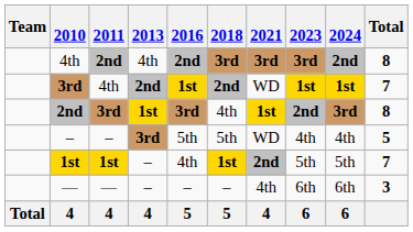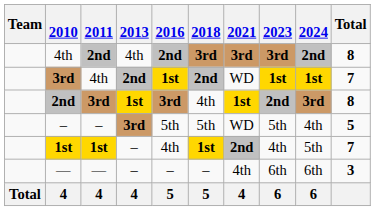 <table class=wikitable style="text-align:center">
 <tr>
 <th>Team</th>
 <th><br><a href='#'>2010</a></th>
 <th><br><a href='#'>2011</a></th>
 <th><br><a href='#'>2013</a></th>
 <th><br><a href='#'>2016</a></th>
 <th><br><a href='#'>2018</a></th>
 <th><br><a href='#'>2021</a></th>
 <th><br><a href='#'>2023</a></th>
 <th><br><a href='#'>2024</a></th>
 <th>Total</th>
 </tr>
 <tr>
 <td align=left></td>
 <td>4th</td>
 <td bgcolor=silver><strong>2nd</strong></td>
 <td>4th</td>
 <td bgcolor=silver><strong>2nd</strong></td>
 <td bgcolor=cc9966><strong>3rd</strong></td>
 <td bgcolor=cc9966><strong>3rd</strong></td>
 <td bgcolor=cc9966><strong>3rd</strong></td>
 <td bgcolor=silver><strong>2nd</strong></td>
 <td><strong>8</strong></td>
 </tr>
 <tr>
 <td align=left></td>
 <td bgcolor=cc9966><strong>3rd</strong></td>
 <td>4th</td>
 <td bgcolor=silver><strong>2nd</strong></td>
 <td bgcolor=gold><strong>1st</strong></td>
 <td bgcolor=silver><strong>2nd</strong></td>
 <td>WD</td>
 <td bgcolor=gold><strong>1st</strong></td>
 <td bgcolor=gold><strong>1st</strong></td>
 <td><strong>7</strong></td>
 </tr>
 <tr>
 <td align=left></td>
 <td bgcolor=silver><strong>2nd</strong></td>
 <td bgcolor=cc9966><strong>3rd</strong></td>
 <td bgcolor=gold><strong>1st</strong></td>
 <td bgcolor=cc9966><strong>3rd</strong></td>
 <td>4th</td>
 <td bgcolor=gold><strong>1st</strong></td>
 <td bgcolor=silver><strong>2nd</strong></td>
 <td bgcolor=cc9966><strong>3rd</strong></td>
 <td><strong>8</strong></td>
 </tr>
 <tr>
 <td align=left></td>
 <td>–</td>
 <td>–</td>
 <td bgcolor=cc9966><strong>3rd</strong></td>
 <td>5th</td>
 <td>5th</td>
 <td>WD</td>
-<td>4th</td>
+<td>5th</td>
 <td>4th</td>
 <td><strong>5</strong></td>
 </tr>
 <tr>
 <td align=left></td>
 <td bgcolor=gold><strong>1st</strong></td>
 <td bgcolor=gold><strong>1st</strong></td>
 <td>–</td>
 <td>4th</td>
 <td bgcolor=gold><strong>1st</strong></td>
 <td bgcolor=silver><strong>2nd</strong></td>
-<td>5th</td>
+<td>4th</td>
 <td>5th</td>
 <td><strong>7</strong></td>
 </tr>
 <tr>
 <td align=left></td>
 <td>—</td>
 <td>—</td>
 <td>–</td>
 <td>–</td>
 <td>–</td>
 <td>4th</td>
 <td>6th</td>
 <td>6th</td>
 <td><strong>3</strong></td>
 </tr>
 <tr>
 <th>Total</th>
 <th>4</th>
 <th>4</th>
 <th>4</th>
 <th>5</th>
 <th>5</th>
 <th>4</th>
 <th>6</th>
 <th>6</th>
 <th></th>
 </tr>
 </table>
